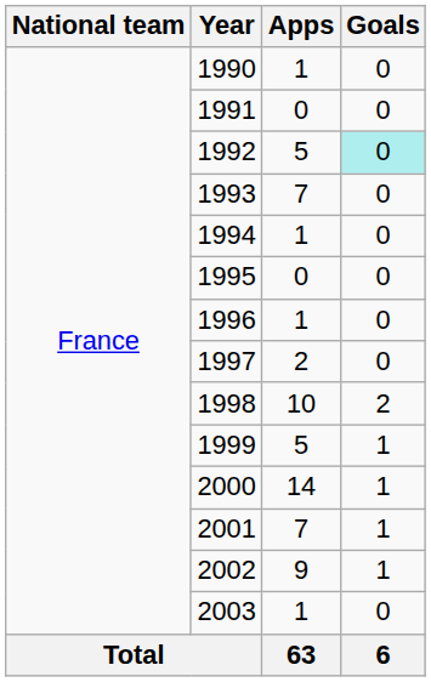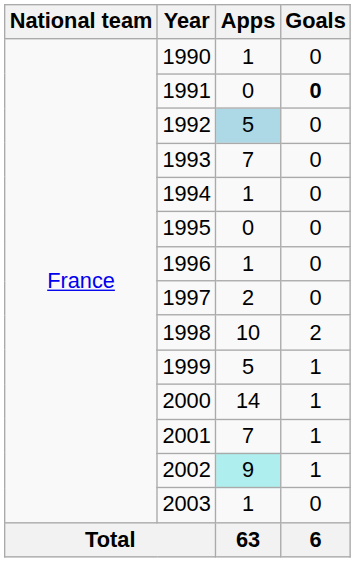 <table class="wikitable" style="text-align: center;">
 <tr>
 <th>National team</th>
 <th>Year</th>
 <th>Apps</th>
 <th>Goals</th>
 </tr>
 <tr>
 <td rowspan="14"><a href='#'>France</a></td>
 <td>1990</td>
 <td>1</td>
 <td>0</td>
 </tr>
 <tr>
 <td>1991</td>
 <td>0</td>
-<td>0</td>
+<td><strong>0</strong></td>
 </tr>
 <tr>
 <td>1992</td>
-<td>5</td>
-<td style="background: paleturquoise;">0</td>
+<td style="background: lightblue;">5</td>
+<td>0</td>
 </tr>
 <tr>
 <td>1993</td>
 <td>7</td>
 <td>0</td>
 </tr>
 <tr>
 <td>1994</td>
 <td>1</td>
 <td>0</td>
 </tr>
 <tr>
 <td>1995</td>
 <td>0</td>
 <td>0</td>
 </tr>
 <tr>
 <td>1996</td>
 <td>1</td>
 <td>0</td>
 </tr>
 <tr>
 <td>1997</td>
 <td>2</td>
 <td>0</td>
 </tr>
 <tr>
 <td>1998</td>
 <td>10</td>
 <td>2</td>
 </tr>
 <tr>
 <td>1999</td>
 <td>5</td>
 <td>1</td>
 </tr>
 <tr>
 <td>2000</td>
 <td>14</td>
 <td>1</td>
 </tr>
 <tr>
 <td>2001</td>
 <td>7</td>
 <td>1</td>
 </tr>
 <tr>
 <td>2002</td>
-<td>9</td>
+<td style="background: paleturquoise;">9</td>
 <td>1</td>
 </tr>
 <tr>
 <td>2003</td>
 <td>1</td>
 <td>0</td>
 </tr>
 <tr>
 <th colspan="2">Total</th>
 <th>63</th>
 <th>6</th>
 </tr>
 </table>
